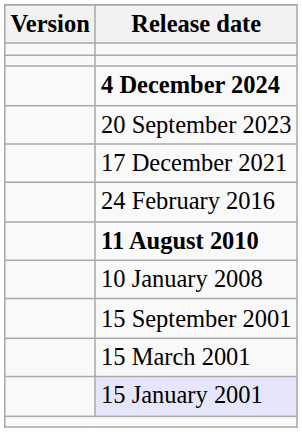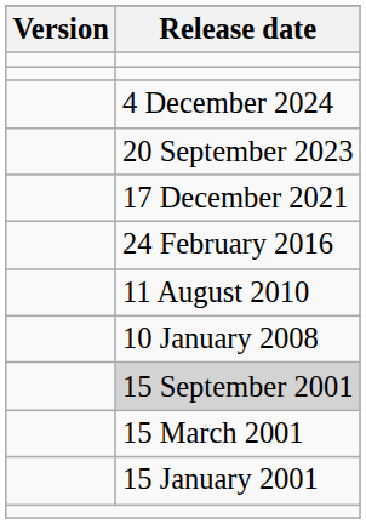 <table class="wikitable floatright">
 <tr>
 </tr>
 <tr>
 <th>Version</th>
 <th>Release date</th>
 </tr>
 <tr>
 <td></td>
 <td></td>
 </tr>
 <tr>
 <td></td>
 <td></td>
 </tr>
 <tr>
 <td></td>
-<td><strong>4 December 2024</strong></td>
+<td>4 December 2024</td>
 </tr>
 <tr>
 <td></td>
 <td>20 September 2023</td>
 </tr>
 <tr>
 <td></td>
 <td>17 December 2021 </td>
 </tr>
 <tr>
 <td></td>
 <td>24 February 2016</td>
 </tr>
 <tr>
 <td></td>
-<td><strong>11 August 2010</strong></td>
+<td>11 August 2010</td>
 </tr>
 <tr>
 <td></td>
 <td>10 January 2008</td>
 </tr>
 <tr>
 <td></td>
-<td>15 September 2001</td>
+<td style="background: lightgrey;">15 September 2001</td>
 </tr>
 <tr>
 <td></td>
 <td>15 March 2001</td>
 </tr>
 <tr>
 <td></td>
-<td style="background: lavender;">15 January 2001</td>
+<td>15 January 2001</td>
 </tr>
 <tr>
 <td colspan="3"><small></small><small></small></td>
 </tr>
 </table>
